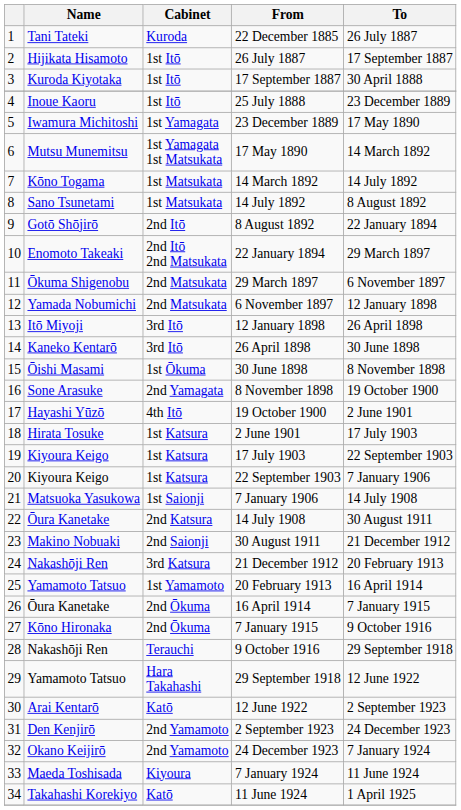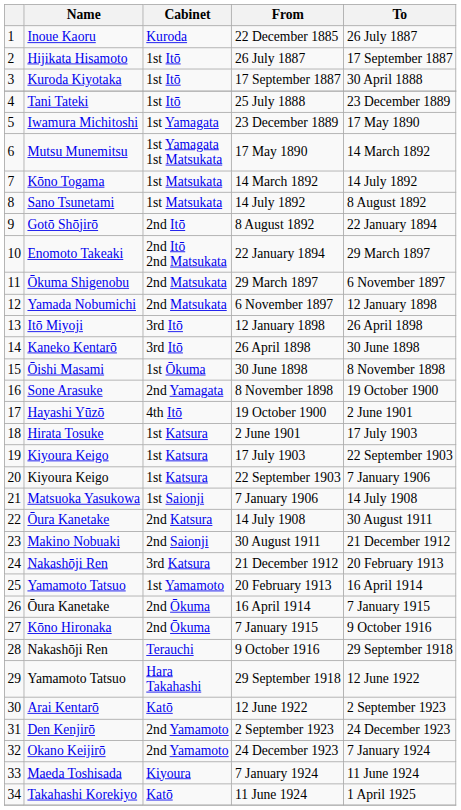 <table class=wikitable>
 <tr>
 <th></th>
 <th>Name</th>
 <th>Cabinet</th>
 <th>From</th>
 <th>To</th>
 </tr>
 <tr>
 <td>1</td>
-<td><a href='#'>Tani Tateki</a></td>
+<td><a href='#'>Inoue Kaoru</a></td>
 <td><a href='#'>Kuroda</a></td>
 <td>22 December 1885</td>
 <td>26 July 1887</td>
 </tr>
 <tr>
 <td>2</td>
 <td><a href='#'>Hijikata Hisamoto</a></td>
 <td>1st <a href='#'>Itō</a></td>
 <td>26 July 1887</td>
 <td>17 September 1887</td>
 </tr>
 <tr>
 <td>3</td>
 <td><a href='#'>Kuroda Kiyotaka</a></td>
 <td>1st <a href='#'>Itō</a></td>
 <td>17 September 1887</td>
 <td>30 April 1888</td>
 </tr>
 <tr>
 </tr>
 <tr || >
 </tr>
 <tr>
 <td>4</td>
-<td><a href='#'>Inoue Kaoru</a></td>
+<td><a href='#'>Tani Tateki</a></td>
 <td>1st <a href='#'>Itō</a></td>
 <td>25 July 1888</td>
 <td>23 December 1889</td>
 </tr>
 <tr>
 <td>5</td>
 <td><a href='#'>Iwamura Michitoshi</a></td>
 <td>1st <a href='#'>Yamagata</a></td>
 <td>23 December 1889</td>
 <td>17 May 1890</td>
 </tr>
 <tr>
 <td>6</td>
 <td><a href='#'>Mutsu Munemitsu</a></td>
 <td>1st <a href='#'>Yamagata</a><br>1st <a href='#'>Matsukata</a></td>
 <td>17 May 1890</td>
 <td>14 March 1892</td>
 </tr>
 <tr>
 <td>7</td>
 <td><a href='#'>Kōno Togama</a></td>
 <td>1st <a href='#'>Matsukata</a></td>
 <td>14 March 1892</td>
 <td>14 July 1892</td>
 </tr>
 <tr>
 <td>8</td>
 <td><a href='#'>Sano Tsunetami</a></td>
 <td>1st <a href='#'>Matsukata</a></td>
 <td>14 July 1892</td>
 <td>8 August 1892</td>
 </tr>
 <tr>
 <td>9</td>
 <td><a href='#'>Gotō Shōjirō</a></td>
 <td>2nd  <a href='#'>Itō</a></td>
 <td>8 August 1892</td>
 <td>22 January 1894</td>
 </tr>
 <tr>
 <td>10</td>
 <td><a href='#'>Enomoto Takeaki</a></td>
 <td>2nd  <a href='#'>Itō</a><br>2nd <a href='#'>Matsukata</a></td>
 <td>22 January 1894</td>
 <td>29 March 1897</td>
 </tr>
 <tr>
 <td>11</td>
 <td><a href='#'>Ōkuma Shigenobu</a></td>
 <td>2nd <a href='#'>Matsukata</a></td>
 <td>29 March 1897</td>
 <td>6 November 1897</td>
 </tr>
 <tr>
 <td>12</td>
 <td><a href='#'>Yamada Nobumichi</a></td>
 <td>2nd <a href='#'>Matsukata</a></td>
 <td>6 November 1897</td>
 <td>12 January 1898</td>
 </tr>
 <tr>
 <td>13</td>
 <td><a href='#'>Itō Miyoji</a></td>
 <td>3rd <a href='#'>Itō</a></td>
 <td>12 January 1898</td>
 <td>26 April 1898</td>
 </tr>
 <tr>
 <td>14</td>
 <td><a href='#'>Kaneko Kentarō</a></td>
 <td>3rd <a href='#'>Itō</a></td>
 <td>26 April 1898</td>
 <td>30 June 1898</td>
 </tr>
 <tr>
 <td>15</td>
 <td><a href='#'>Ōishi Masami</a></td>
 <td>1st <a href='#'>Ōkuma</a></td>
 <td>30 June 1898</td>
 <td>8 November 1898</td>
 </tr>
 <tr>
 <td>16</td>
 <td><a href='#'>Sone Arasuke</a></td>
 <td>2nd <a href='#'>Yamagata</a></td>
 <td>8 November 1898</td>
 <td>19 October 1900</td>
 </tr>
 <tr>
 <td>17</td>
 <td><a href='#'>Hayashi Yūzō</a></td>
 <td>4th <a href='#'>Itō</a></td>
 <td>19 October 1900</td>
 <td>2 June 1901</td>
 </tr>
 <tr>
 <td>18</td>
 <td><a href='#'>Hirata Tosuke</a></td>
 <td>1st <a href='#'>Katsura</a></td>
 <td>2 June 1901</td>
 <td>17 July 1903</td>
 </tr>
 <tr>
 <td>19</td>
 <td><a href='#'>Kiyoura Keigo</a></td>
 <td>1st <a href='#'>Katsura</a></td>
 <td>17 July 1903</td>
 <td>22 September 1903</td>
 </tr>
 <tr>
 <td>20</td>
 <td>Kiyoura Keigo</td>
 <td>1st <a href='#'>Katsura</a></td>
 <td>22 September 1903</td>
 <td>7 January 1906</td>
 </tr>
 <tr>
 <td>21</td>
 <td><a href='#'>Matsuoka Yasukowa</a></td>
 <td>1st <a href='#'>Saionji</a></td>
 <td>7 January 1906</td>
 <td>14 July 1908</td>
 </tr>
 <tr>
 <td>22</td>
 <td><a href='#'>Ōura Kanetake</a></td>
 <td>2nd <a href='#'>Katsura</a></td>
 <td>14 July 1908</td>
 <td>30 August 1911</td>
 </tr>
 <tr>
 <td>23</td>
 <td><a href='#'>Makino Nobuaki</a></td>
 <td>2nd  <a href='#'>Saionji</a></td>
 <td>30 August 1911</td>
 <td>21 December 1912</td>
 </tr>
 <tr>
 <td>24</td>
 <td><a href='#'>Nakashōji Ren</a></td>
 <td>3rd <a href='#'>Katsura</a></td>
 <td>21 December 1912</td>
 <td>20 February 1913</td>
 </tr>
 <tr>
 <td>25</td>
 <td><a href='#'>Yamamoto Tatsuo</a></td>
 <td>1st <a href='#'>Yamamoto</a></td>
 <td>20 February 1913</td>
 <td>16 April 1914</td>
 </tr>
 <tr>
 <td>26</td>
 <td>Ōura Kanetake</td>
 <td>2nd <a href='#'>Ōkuma</a></td>
 <td>16 April 1914</td>
 <td>7 January 1915</td>
 </tr>
 <tr>
 <td>27</td>
 <td><a href='#'>Kōno Hironaka</a></td>
 <td>2nd <a href='#'>Ōkuma</a></td>
 <td>7 January 1915</td>
 <td>9 October 1916</td>
 </tr>
 <tr>
 <td>28</td>
 <td>Nakashōji Ren</td>
 <td><a href='#'>Terauchi</a></td>
 <td>9 October 1916</td>
 <td>29 September 1918</td>
 </tr>
 <tr>
 <td>29</td>
 <td>Yamamoto Tatsuo</td>
 <td><a href='#'>Hara</a><br> <a href='#'>Takahashi</a></td>
 <td>29 September 1918</td>
 <td>12 June 1922</td>
 </tr>
 <tr>
 <td>30</td>
 <td><a href='#'>Arai Kentarō</a></td>
 <td><a href='#'>Katō</a></td>
 <td>12 June 1922</td>
 <td>2 September 1923</td>
 </tr>
 <tr>
 <td>31</td>
 <td><a href='#'>Den Kenjirō</a></td>
 <td>2nd <a href='#'>Yamamoto</a></td>
 <td>2 September 1923</td>
 <td>24 December 1923</td>
 </tr>
 <tr>
 <td>32</td>
 <td><a href='#'>Okano Keijirō</a></td>
 <td>2nd <a href='#'>Yamamoto</a></td>
 <td>24 December 1923</td>
 <td>7 January 1924</td>
 </tr>
 <tr>
 <td>33</td>
 <td><a href='#'>Maeda Toshisada</a></td>
 <td><a href='#'>Kiyoura</a></td>
 <td>7 January 1924</td>
 <td>11 June 1924</td>
 </tr>
 <tr>
 <td>34</td>
 <td><a href='#'>Takahashi Korekiyo</a></td>
 <td><a href='#'>Katō</a></td>
 <td>11 June 1924</td>
 <td>1  April 1925</td>
 </tr>
 <tr>
 </tr>
 </table>
